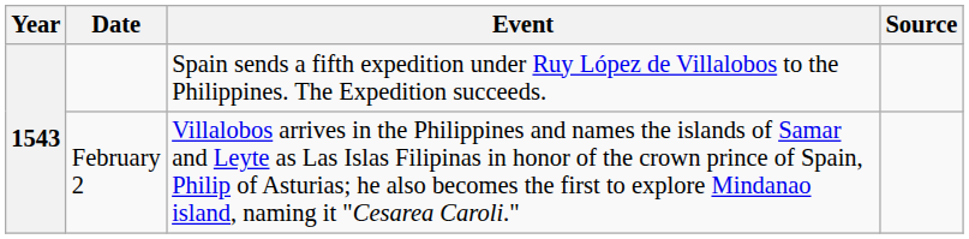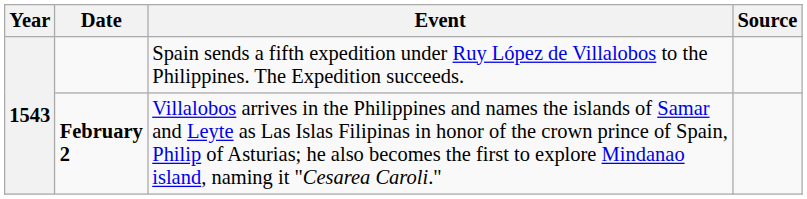 <table class="wikitable toptextcells" style="width:100%;">
 <tr>
 <th scope="col" style="width:6%;">Year</th>
 <th scope="col" style="width:10%;">Date</th>
 <th scope="col">Event</th>
 <th scope="col" style="width:8%;">Source</th>
 </tr>
 <tr>
 <th scope="row" rowspan="2">1543</th>
 <td></td>
 <td>Spain sends a fifth expedition under <a href='#'>Ruy López de Villalobos</a> to the Philippines. The Expedition succeeds.</td>
 <td></td>
 </tr>
 <tr>
-<td>February 2</td>
+<td><strong>February 2</strong></td>
 <td><a href='#'>Villalobos</a> arrives in the Philippines and names the islands of <a href='#'>Samar</a> and <a href='#'>Leyte</a> as Las Islas Filipinas in honor of the crown prince of Spain, <a href='#'>Philip</a> of Asturias; he also becomes the first to explore <a href='#'>Mindanao island</a>, naming it "<em>Cesarea Caroli</em>."</td>
 <td></td>
 </tr>
 </table>
